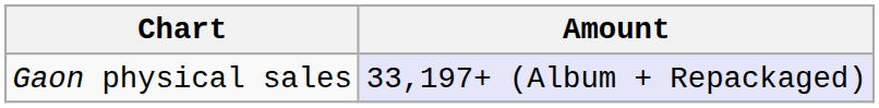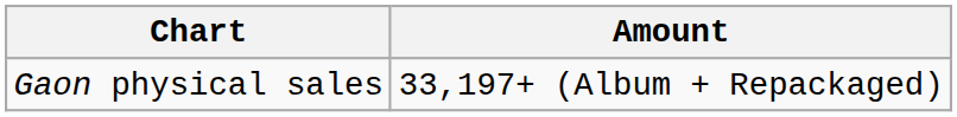 <table class="wikitable">
 <tr>
 <th>Chart</th>
 <th>Amount</th>
 </tr>
 <tr>
 <td><em>Gaon</em> physical sales</td>
-<td align="center" style="background: lavender;">33,197+ (Album + Repackaged)</td>
+<td align="center">33,197+ (Album + Repackaged)</td>
 </tr>
 </table>
